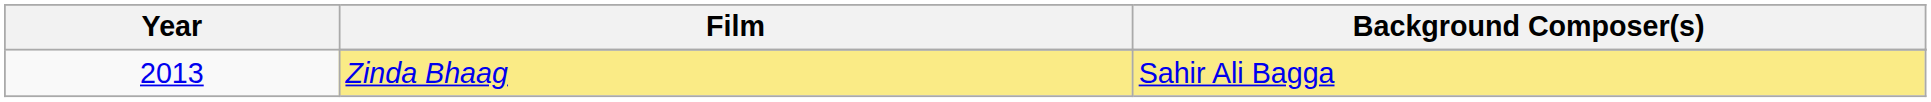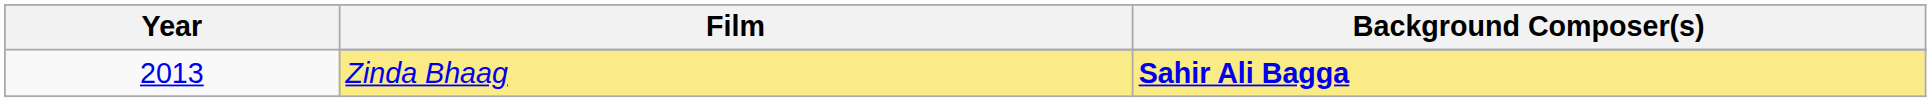 <table class="wikitable">
 <tr>
 <th width="8%">Year</th>
 <th width="19%">Film</th>
 <th width="19%">Background Composer(s)</th>
 </tr>
 <tr>
 <td rowspan=2 style="text-align:center"><a href='#'>2013</a><br></td>
 </tr>
 <tr style="background:#FAEB86">
 <td><em><a href='#'>Zinda Bhaag </a></em></td>
-<td><a href='#'>Sahir Ali Bagga</a></td>
+<td><strong><a href='#'>Sahir Ali Bagga</a></strong></td>
 </tr>
 </table>
